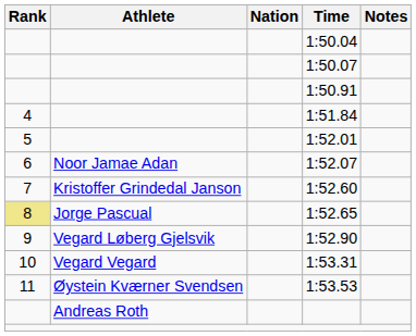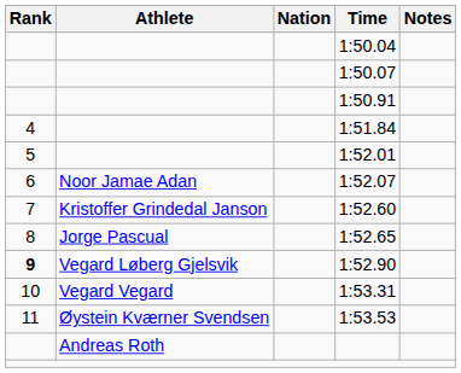 <table class="wikitable mw-datatable sortable" style="text-align:center;">
 <tr>
 <th scope="col" style="width: 10px;">Rank</th>
 <th scope="col">Athlete</th>
 <th scope="col">Nation</th>
 <th scope="col">Time</th>
 <th scope="col">Notes</th>
 </tr>
 <tr>
 <td></td>
 <td align="left"></td>
 <td align="left"></td>
 <td>1:50.04</td>
 <td></td>
 </tr>
 <tr>
 <td></td>
 <td align="left"></td>
 <td align="left"></td>
 <td>1:50.07</td>
 <td></td>
 </tr>
 <tr>
 <td></td>
 <td align="left"></td>
 <td align="left"></td>
 <td>1:50.91</td>
 <td></td>
 </tr>
 <tr>
 <td>4</td>
 <td align="left"></td>
 <td align="left"></td>
 <td>1:51.84</td>
 <td></td>
 </tr>
 <tr>
 <td>5</td>
 <td align="left"></td>
 <td align="left"></td>
 <td>1:52.01</td>
 <td></td>
 </tr>
 <tr>
 <td>6</td>
 <td align="left"><a href='#'>Noor Jamae Adan</a></td>
 <td align="left"></td>
 <td>1:52.07</td>
 <td></td>
 </tr>
 <tr>
 <td>7</td>
 <td align="left"><a href='#'>Kristoffer Grindedal Janson</a></td>
 <td align="left"></td>
 <td>1:52.60</td>
 <td></td>
 </tr>
 <tr>
-<td style="background: khaki;">8</td>
+<td>8</td>
 <td align="left"><a href='#'>Jorge Pascual</a></td>
 <td align="left"></td>
 <td>1:52.65</td>
 <td></td>
 </tr>
 <tr>
-<td>9</td>
+<td><strong>9</strong></td>
 <td align="left"><a href='#'>Vegard Løberg Gjelsvik</a></td>
 <td align="left"></td>
 <td>1:52.90</td>
 <td></td>
 </tr>
 <tr>
 <td>10</td>
 <td align="left"><a href='#'>Vegard Vegard</a></td>
 <td align="left"></td>
 <td>1:53.31</td>
 <td></td>
 </tr>
 <tr>
 <td>11</td>
 <td align="left"><a href='#'>Øystein Kværner Svendsen</a></td>
 <td align="left"></td>
 <td>1:53.53</td>
 <td></td>
 </tr>
 <tr>
 <td></td>
 <td align="left"><a href='#'>Andreas Roth</a></td>
 <td align="left"></td>
 <td></td>
 <td></td>
 </tr>
 <tr class="sortbottom">
 <td colspan="5"></td>
 </tr>
 </table>
